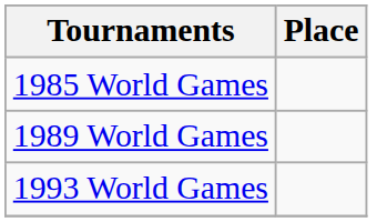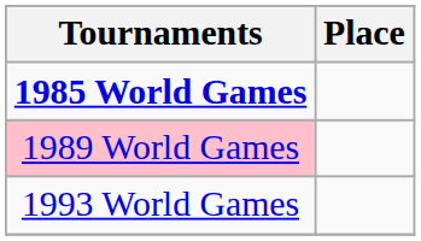 <table class="wikitable collapsible" style="text-align:center;">
 <tr style="background:silver;">
 <th>Tournaments</th>
 <th>Place</th>
 </tr>
 <tr>
-<td><a href='#'>1985 World Games</a></td>
+<td><strong><a href='#'>1985 World Games</a></strong></td>
 <td></td>
 </tr>
 <tr>
-<td><a href='#'>1989 World Games</a></td>
+<td style="background: pink;"><a href='#'>1989 World Games</a></td>
 <td></td>
 </tr>
 <tr>
 <td><a href='#'>1993 World Games</a></td>
 <td></td>
 </tr>
 <tr>
 </tr>
 </table>
